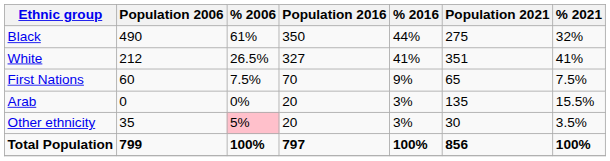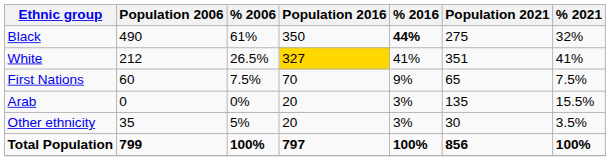 <table class="wikitable sortable">
 <tr>
 <th><a href='#'>Ethnic group</a></th>
 <th>Population 2006</th>
 <th>% 2006</th>
 <th>Population 2016</th>
 <th>% 2016</th>
 <th>Population 2021</th>
 <th>% 2021</th>
 </tr>
 <tr>
 <td><a href='#'>Black</a></td>
 <td>490</td>
 <td>61%</td>
 <td>350</td>
-<td>44%</td>
+<td><strong>44%</strong></td>
 <td>275</td>
 <td>32%</td>
 </tr>
 <tr>
 <td><a href='#'>White</a></td>
 <td>212</td>
 <td>26.5%</td>
-<td>327</td>
+<td style="background: gold;">327</td>
 <td>41%</td>
 <td>351</td>
 <td>41%</td>
 </tr>
 <tr>
 <td><a href='#'>First Nations</a></td>
 <td>60</td>
 <td>7.5%</td>
 <td>70</td>
 <td>9%</td>
 <td>65</td>
 <td>7.5%</td>
 </tr>
 <tr>
 <td><a href='#'>Arab</a></td>
 <td>0</td>
 <td>0%</td>
 <td>20</td>
 <td>3%</td>
 <td>135</td>
 <td>15.5%</td>
 </tr>
 <tr>
 <td><a href='#'>Other ethnicity</a></td>
 <td>35</td>
-<td style="background: pink;">5%</td>
+<td>5%</td>
 <td>20</td>
 <td>3%</td>
 <td>30</td>
 <td>3.5%</td>
 </tr>
 <tr>
 <td><strong>Total Population</strong></td>
 <td><strong>799</strong></td>
 <td><strong>100%</strong></td>
 <td><strong>797</strong></td>
 <td><strong>100%</strong></td>
 <td><strong>856</strong></td>
 <td><strong>100%</strong></td>
 </tr>
 <tr>
 </tr>
 </table>
